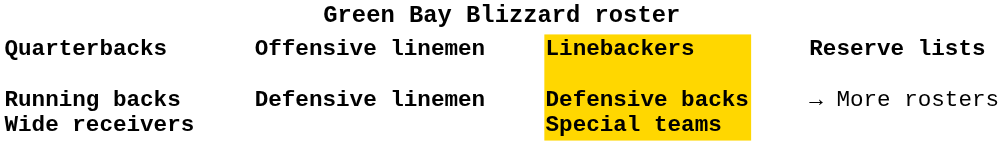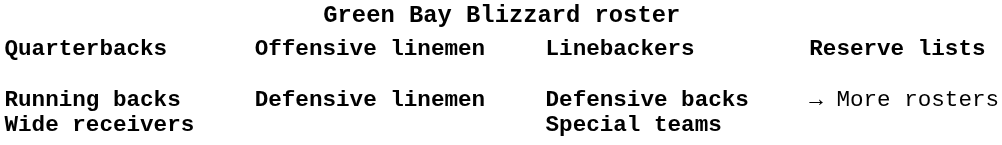 <table class="toccolours" style="text-align: left;">
 <tr>
 <th colspan="7" style="text-align:center; ">Green Bay Blizzard roster</th>
 </tr>
 <tr>
 <td style="font-size: 95%;vertical-align:top;"><strong>Quarterbacks</strong><br> <br><strong>Running backs</strong> <br><strong>Wide receivers</strong>     </td>
 <td style="width: 25px;"></td>
 <td style="font-size: 95%;vertical-align:top;"><strong>Offensive linemen</strong><br>   <br><strong>Defensive linemen</strong>     </td>
 <td style="width: 25px;"></td>
-<td style="background: gold; font-size: 95%;vertical-align:top;"><strong>Linebackers</strong><br> <br><strong>Defensive backs</strong>      <br><strong>Special teams</strong> </td>
+<td style="font-size: 95%;vertical-align:top;"><strong>Linebackers</strong><br> <br><strong>Defensive backs</strong>      <br><strong>Special teams</strong> </td>
 <td style="width: 25px;"></td>
 <td style="font-size: 95%;vertical-align:top;"><strong>Reserve lists</strong><br>     <br>→ More rosters</td>
 </tr>
 <tr>
 </tr>
 </table>
